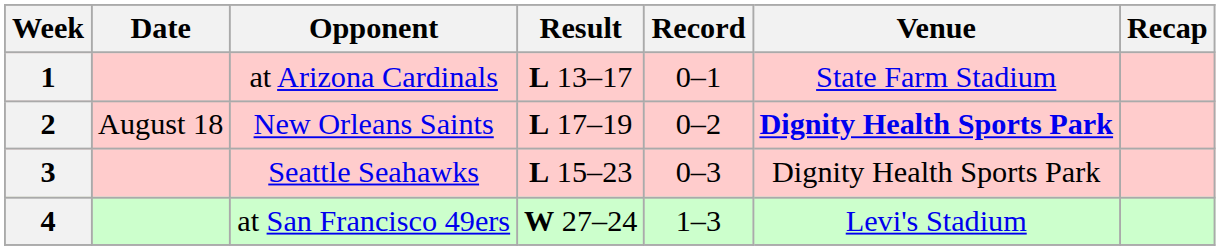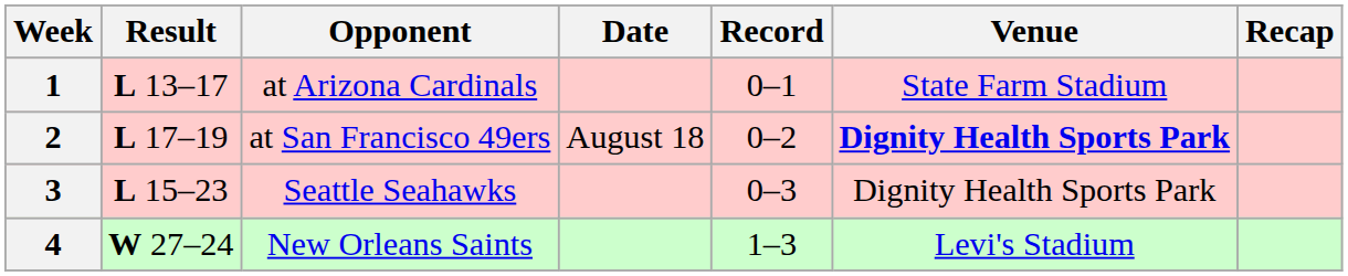 <table class="wikitable" style="text-align:center">
 <tr>
 <th>Week</th>
+<th>Result</th>
+<th>Opponent</th>
 <th>Date</th>
-<th>Opponent</th>
-<th>Result</th>
 <th>Record</th>
 <th>Venue</th>
 <th>Recap</th>
 </tr>
 <tr style="background:#fcc">
 <th>1</th>
+<td><strong>L</strong> 13–17</td>
+<td>at <a href='#'>Arizona Cardinals</a></td>
 <td></td>
-<td>at <a href='#'>Arizona Cardinals</a></td>
-<td><strong>L</strong> 13–17</td>
 <td>0–1</td>
 <td><a href='#'>State Farm Stadium</a></td>
 <td></td>
 </tr>
 <tr style="background:#fcc">
 <th>2</th>
+<td><strong>L</strong> 17–19</td>
+<td>at <a href='#'>San Francisco 49ers</a></td>
 <td>August 18</td>
-<td><a href='#'>New Orleans Saints</a></td>
-<td><strong>L</strong> 17–19</td>
 <td>0–2</td>
 <td><strong><a href='#'>Dignity Health Sports Park</a></strong></td>
 <td></td>
 </tr>
 <tr style="background:#fcc">
 <th>3</th>
+<td><strong>L</strong> 15–23</td>
+<td><a href='#'>Seattle Seahawks</a></td>
 <td></td>
-<td><a href='#'>Seattle Seahawks</a></td>
-<td><strong>L</strong> 15–23</td>
 <td>0–3</td>
 <td>Dignity Health Sports Park</td>
 <td></td>
 </tr>
 <tr style="background:#cfc">
 <th>4</th>
+<td><strong>W</strong> 27–24</td>
+<td><a href='#'>New Orleans Saints</a></td>
 <td></td>
-<td>at <a href='#'>San Francisco 49ers</a></td>
-<td><strong>W</strong> 27–24</td>
 <td>1–3</td>
 <td><a href='#'>Levi's Stadium</a></td>
 <td></td>
 </tr>
 </table>
